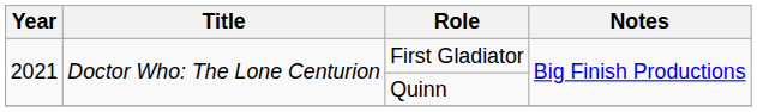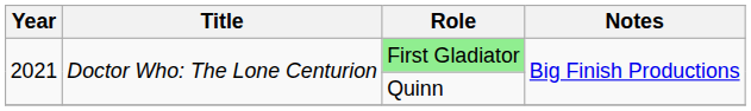 <table class="wikitable sortable">
 <tr>
 <th>Year</th>
 <th>Title</th>
 <th>Role</th>
 <th class="unsortable">Notes</th>
 </tr>
 <tr>
 <td rowspan="2">2021</td>
 <td rowspan="2"><em>Doctor Who: The Lone Centurion</em></td>
-<td>First Gladiator</td>
+<td style="background: lightgreen;">First Gladiator</td>
 <td rowspan="2"><a href='#'>Big Finish Productions</a></td>
 </tr>
 <tr>
 <td>Quinn</td>
 </tr>
 <tr>
 </tr>
 </table>
